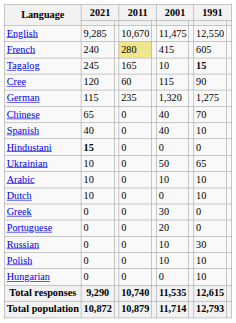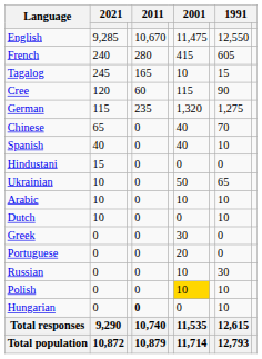 <table class="wikitable collapsible sortable">
 <tr>
 <th rowspan="2">Language</th>
 <th colspan="2">2021</th>
 <th colspan="2">2011</th>
 <th colspan="2">2001</th>
 <th colspan="2">1991</th>
 </tr>
 <tr>
 <th><a href='#'></a></th>
 <th></th>
 <th></th>
 <th></th>
 <th></th>
 <th></th>
 <th></th>
 <th></th>
 </tr>
 <tr>
 <td><a href='#'>English</a></td>
 <td>9,285</td>
 <td></td>
 <td>10,670</td>
 <td></td>
 <td>11,475</td>
 <td></td>
 <td>12,550</td>
 <td></td>
 </tr>
 <tr>
 <td><a href='#'>French</a></td>
 <td>240</td>
 <td></td>
-<td style="background: khaki;">280</td>
+<td>280</td>
 <td></td>
 <td>415</td>
 <td></td>
 <td>605</td>
 <td></td>
 </tr>
 <tr>
 <td><a href='#'>Tagalog</a></td>
 <td>245</td>
 <td></td>
 <td>165</td>
 <td></td>
 <td>10</td>
 <td></td>
-<td><strong>15</strong></td>
+<td>15</td>
 <td></td>
 </tr>
 <tr>
 <td><a href='#'>Cree</a></td>
 <td>120</td>
 <td></td>
 <td>60</td>
 <td></td>
 <td>115</td>
 <td></td>
 <td>90</td>
 <td></td>
 </tr>
 <tr>
 <td><a href='#'>German</a></td>
 <td>115</td>
 <td></td>
 <td>235</td>
 <td></td>
 <td>1,320</td>
 <td></td>
 <td>1,275</td>
 <td></td>
 </tr>
 <tr>
 <td><a href='#'>Chinese</a></td>
 <td>65</td>
 <td></td>
 <td>0</td>
 <td></td>
 <td>40</td>
 <td></td>
 <td>70</td>
 <td></td>
 </tr>
 <tr>
 <td><a href='#'>Spanish</a></td>
 <td>40</td>
 <td></td>
 <td>0</td>
 <td></td>
 <td>40</td>
 <td></td>
 <td>10</td>
 <td></td>
 </tr>
 <tr>
 <td><a href='#'>Hindustani</a></td>
-<td><strong>15</strong></td>
+<td>15</td>
 <td></td>
 <td>0</td>
 <td></td>
 <td>0</td>
 <td></td>
 <td>0</td>
 <td></td>
 </tr>
 <tr>
 <td><a href='#'>Ukrainian</a></td>
 <td>10</td>
 <td></td>
 <td>0</td>
 <td></td>
 <td>50</td>
 <td></td>
 <td>65</td>
 <td></td>
 </tr>
 <tr>
 <td><a href='#'>Arabic</a></td>
 <td>10</td>
 <td></td>
 <td>0</td>
 <td></td>
 <td>10</td>
 <td></td>
 <td>10</td>
 <td></td>
 </tr>
 <tr>
 <td><a href='#'>Dutch</a></td>
 <td>10</td>
 <td></td>
 <td>0</td>
 <td></td>
 <td>0</td>
 <td></td>
 <td>10</td>
 <td></td>
 </tr>
 <tr>
 <td><a href='#'>Greek</a></td>
 <td>0</td>
 <td></td>
 <td>0</td>
 <td></td>
 <td>30</td>
 <td></td>
 <td>0</td>
 <td></td>
 </tr>
 <tr>
 <td><a href='#'>Portuguese</a></td>
 <td>0</td>
 <td></td>
 <td>0</td>
 <td></td>
 <td>20</td>
 <td></td>
 <td>0</td>
 <td></td>
 </tr>
 <tr>
 <td><a href='#'>Russian</a></td>
 <td>0</td>
 <td></td>
 <td>0</td>
 <td></td>
 <td>10</td>
 <td></td>
 <td>30</td>
 <td></td>
 </tr>
 <tr>
 <td><a href='#'>Polish</a></td>
 <td>0</td>
 <td></td>
 <td>0</td>
 <td></td>
-<td>10</td>
+<td style="background: gold;">10</td>
 <td></td>
 <td>10</td>
 <td></td>
 </tr>
 <tr>
 <td><a href='#'>Hungarian</a></td>
 <td>0</td>
 <td></td>
-<td>0</td>
+<td><strong>0</strong></td>
 <td></td>
 <td>0</td>
 <td></td>
 <td>10</td>
 <td></td>
 </tr>
 <tr>
 <th>Total responses</th>
 <th>9,290</th>
 <th></th>
 <th>10,740</th>
 <th></th>
 <th>11,535</th>
 <th></th>
 <th>12,615</th>
 <th></th>
 </tr>
 <tr>
 <th>Total population</th>
 <th>10,872</th>
 <th></th>
 <th>10,879</th>
 <th></th>
 <th>11,714</th>
 <th></th>
 <th>12,793</th>
 <th></th>
 </tr>
 </table>
